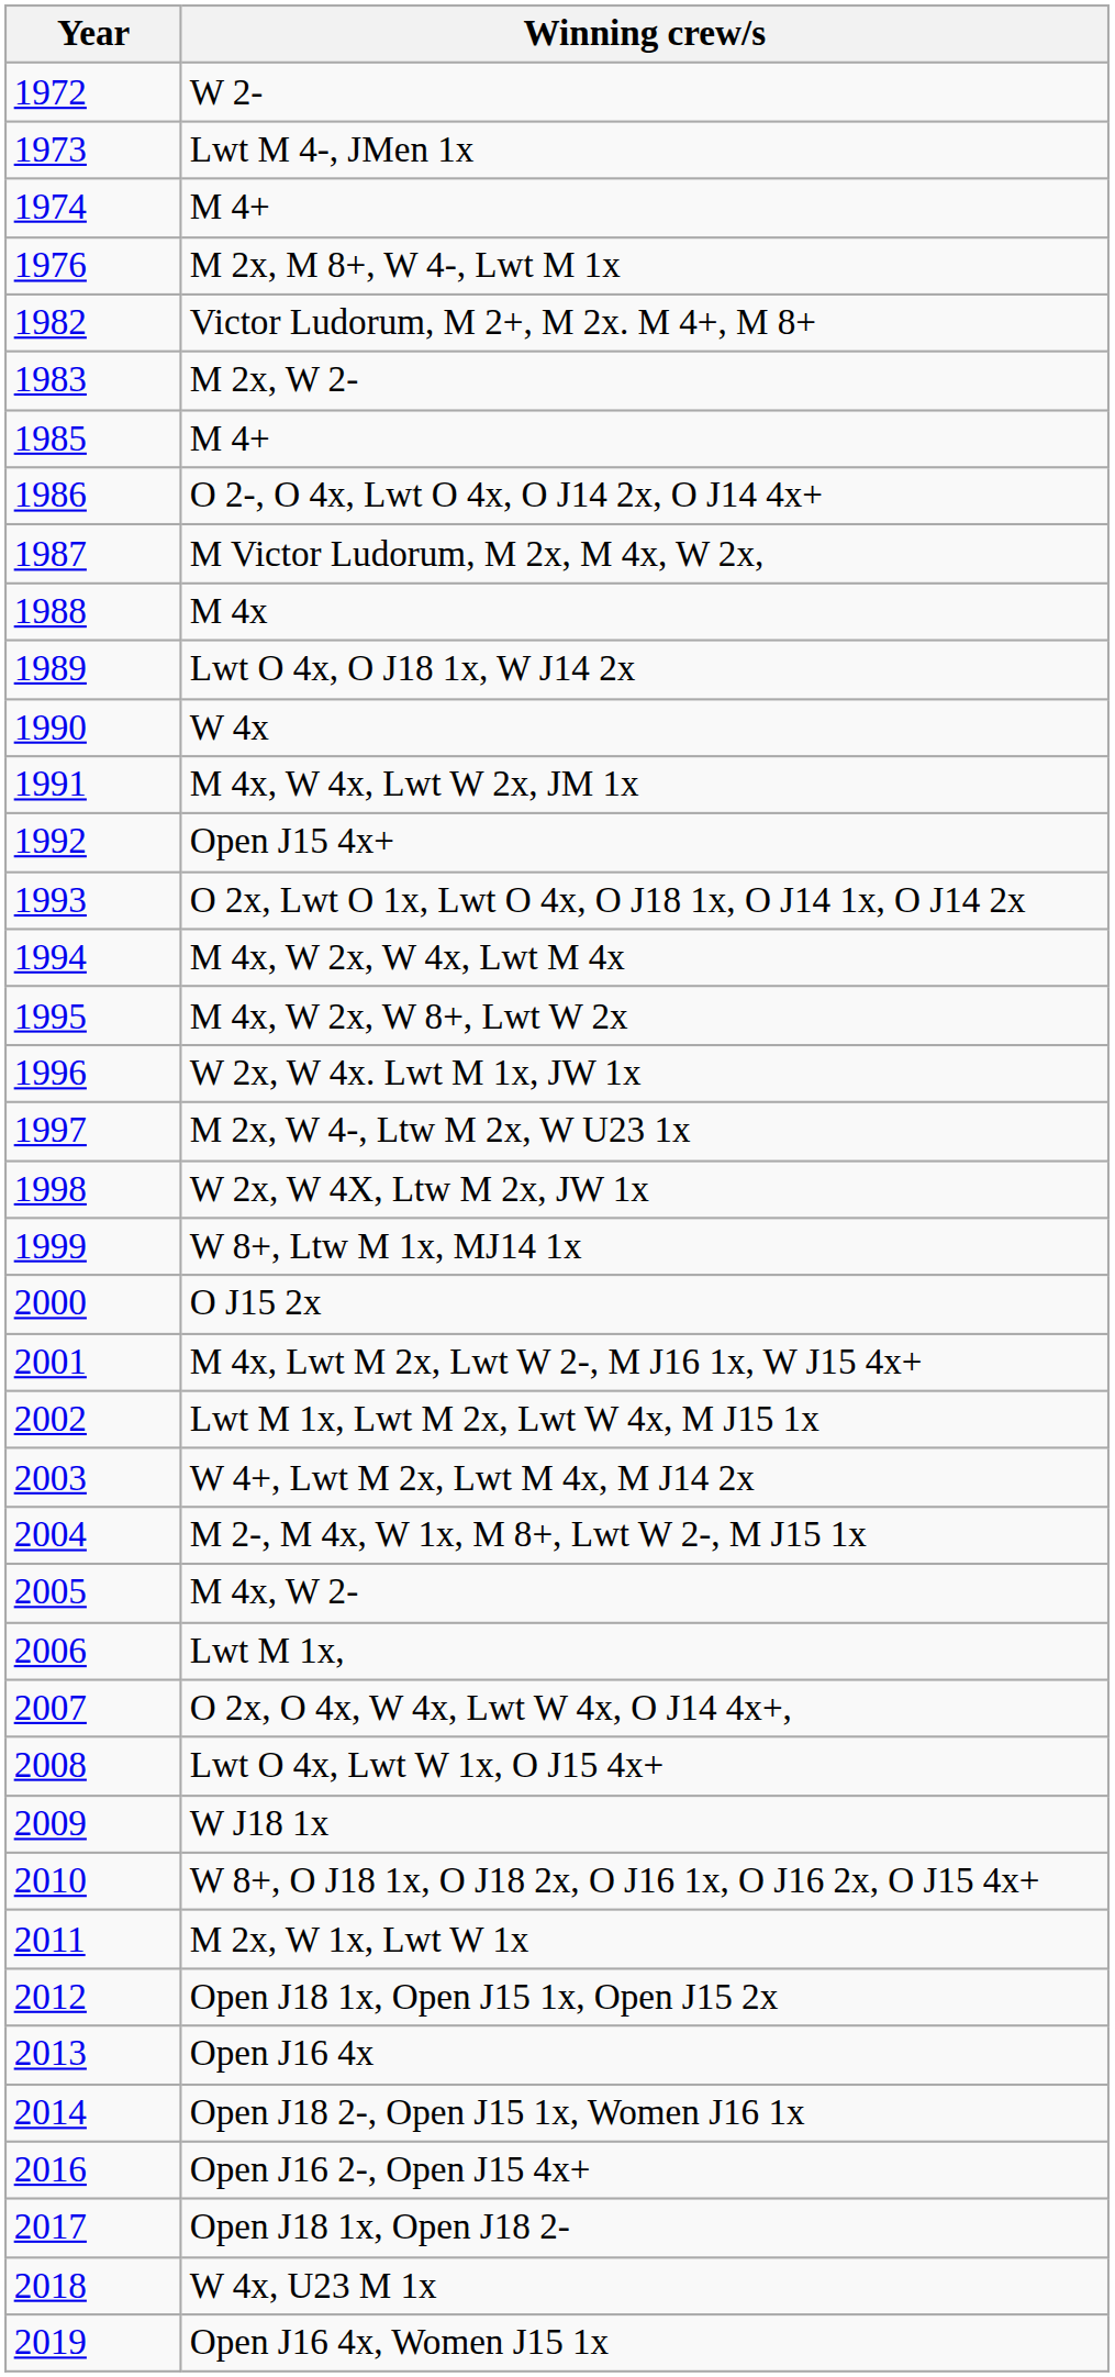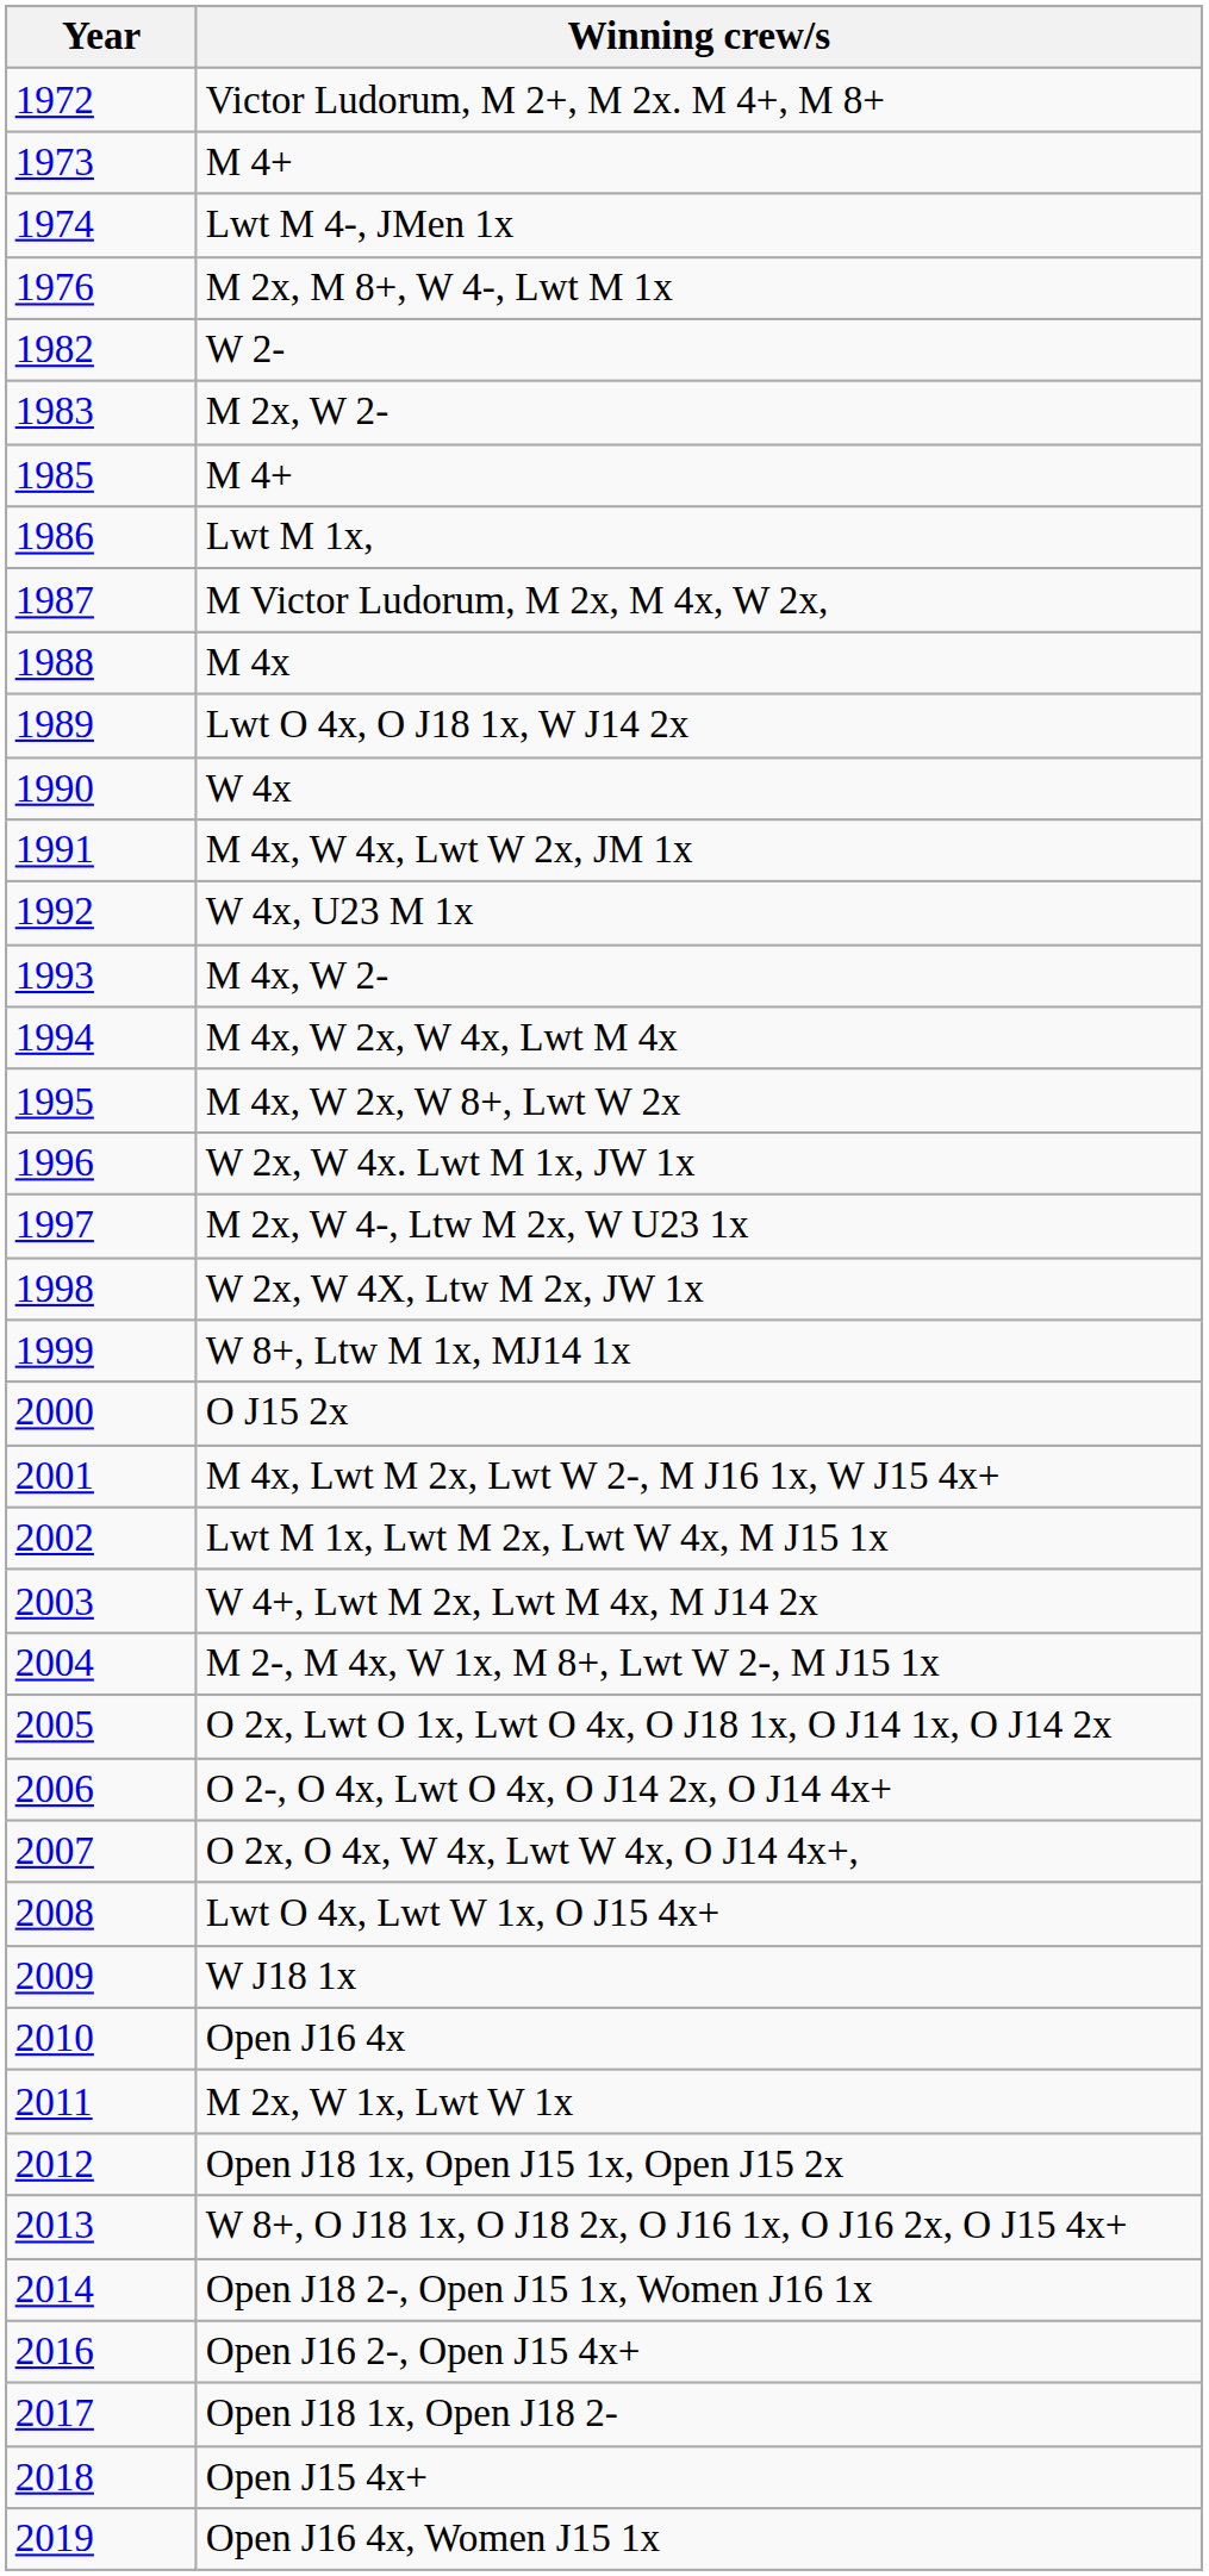 <table class="wikitable">
 <tr>
 <th width=70>Year</th>
 <th width=400>Winning crew/s</th>
 </tr>
 <tr>
 <td><a href='#'>1972</a></td>
-<td>W 2-</td>
+<td>Victor Ludorum, M 2+, M 2x. M 4+, M 8+</td>
 </tr>
 <tr>
 <td><a href='#'>1973</a></td>
-<td>Lwt M 4-, JMen 1x</td>
+<td>M 4+</td>
 </tr>
 <tr>
 <td><a href='#'>1974</a></td>
-<td>M 4+</td>
+<td>Lwt M 4-, JMen 1x</td>
 </tr>
 <tr>
 <td><a href='#'>1976</a></td>
 <td>M 2x, M 8+, W 4-, Lwt M 1x</td>
 </tr>
 <tr>
 <td><a href='#'>1982</a></td>
-<td>Victor Ludorum, M 2+, M 2x. M 4+, M 8+</td>
+<td>W 2-</td>
 </tr>
 <tr>
 <td><a href='#'>1983</a></td>
 <td>M 2x, W 2-</td>
 </tr>
 <tr>
 <td><a href='#'>1985</a></td>
 <td>M 4+</td>
 </tr>
 <tr>
 <td><a href='#'>1986</a></td>
-<td>O 2-, O 4x, Lwt O 4x, O J14 2x, O J14 4x+</td>
+<td>Lwt M 1x,</td>
 </tr>
 <tr>
 <td><a href='#'>1987</a></td>
 <td>M Victor Ludorum, M 2x, M 4x, W 2x,</td>
 </tr>
 <tr>
 <td><a href='#'>1988</a></td>
 <td>M 4x</td>
 </tr>
 <tr>
 <td><a href='#'>1989</a></td>
 <td>Lwt O 4x, O J18 1x, W J14 2x</td>
 </tr>
 <tr>
 <td><a href='#'>1990</a></td>
 <td>W 4x</td>
 </tr>
 <tr>
 <td><a href='#'>1991</a></td>
 <td>M 4x, W 4x, Lwt W 2x, JM 1x</td>
 </tr>
 <tr>
 <td><a href='#'>1992</a></td>
-<td>Open J15 4x+ </td>
+<td>W 4x, U23 M 1x</td>
 </tr>
 <tr>
 <td><a href='#'>1993</a></td>
-<td>O 2x, Lwt O 1x, Lwt O 4x, O J18 1x, O J14 1x, O J14 2x</td>
+<td>M 4x, W 2-</td>
 </tr>
 <tr>
 <td><a href='#'>1994</a></td>
 <td>M 4x, W 2x, W 4x, Lwt M 4x</td>
 </tr>
 <tr>
 <td><a href='#'>1995</a></td>
 <td>M 4x, W 2x, W 8+, Lwt W 2x</td>
 </tr>
 <tr>
 <td><a href='#'>1996</a></td>
 <td>W 2x, W 4x. Lwt M 1x, JW 1x</td>
 </tr>
 <tr>
 <td><a href='#'>1997</a></td>
 <td>M 2x, W 4-, Ltw M 2x, W U23 1x</td>
 </tr>
 <tr>
 <td><a href='#'>1998</a></td>
 <td>W 2x, W 4X, Ltw M 2x, JW 1x</td>
 </tr>
 <tr>
 <td><a href='#'>1999</a></td>
 <td>W 8+, Ltw M 1x, MJ14 1x</td>
 </tr>
 <tr>
 <td><a href='#'>2000</a></td>
 <td>O J15 2x</td>
 </tr>
 <tr>
 <td><a href='#'>2001</a></td>
 <td>M 4x, Lwt M 2x, Lwt W 2-, M J16 1x, W J15 4x+</td>
 </tr>
 <tr>
 <td><a href='#'>2002</a></td>
 <td>Lwt M 1x, Lwt M 2x, Lwt W 4x, M J15 1x</td>
 </tr>
 <tr>
 <td><a href='#'>2003</a></td>
 <td>W 4+, Lwt M 2x, Lwt M 4x, M J14 2x</td>
 </tr>
 <tr>
 <td><a href='#'>2004</a></td>
 <td>M 2-, M 4x, W 1x, M 8+, Lwt W 2-, M J15 1x</td>
 </tr>
 <tr>
 <td><a href='#'>2005</a></td>
-<td>M 4x, W 2-</td>
+<td>O 2x, Lwt O 1x, Lwt O 4x, O J18 1x, O J14 1x, O J14 2x</td>
 </tr>
 <tr>
 <td><a href='#'>2006</a></td>
-<td>Lwt M 1x,</td>
+<td>O 2-, O 4x, Lwt O 4x, O J14 2x, O J14 4x+</td>
 </tr>
 <tr>
 <td><a href='#'>2007</a></td>
 <td>O 2x, O 4x, W 4x, Lwt W 4x, O J14 4x+,</td>
 </tr>
 <tr>
 <td><a href='#'>2008</a></td>
 <td>Lwt O 4x, Lwt W 1x, O J15 4x+</td>
 </tr>
 <tr>
 <td><a href='#'>2009</a></td>
 <td>W J18 1x</td>
 </tr>
 <tr>
 <td><a href='#'>2010</a></td>
-<td>W 8+, O J18 1x, O J18 2x, O J16 1x, O J16 2x, O J15 4x+</td>
+<td>Open J16 4x </td>
 </tr>
 <tr>
 <td><a href='#'>2011</a></td>
 <td>M 2x, W 1x, Lwt W 1x</td>
 </tr>
 <tr>
 <td><a href='#'>2012</a></td>
 <td>Open J18 1x, Open J15 1x, Open J15 2x </td>
 </tr>
 <tr>
 <td><a href='#'>2013</a></td>
-<td>Open J16 4x </td>
+<td>W 8+, O J18 1x, O J18 2x, O J16 1x, O J16 2x, O J15 4x+</td>
 </tr>
 <tr>
 <td><a href='#'>2014</a></td>
 <td>Open J18 2-, Open J15 1x, Women J16 1x</td>
 </tr>
 <tr>
 <td><a href='#'>2016</a></td>
 <td>Open J16 2-, Open J15 4x+ </td>
 </tr>
 <tr>
 <td><a href='#'>2017</a></td>
 <td>Open J18 1x, Open J18 2- </td>
 </tr>
 <tr>
 <td><a href='#'>2018</a></td>
-<td>W 4x, U23 M 1x</td>
+<td>Open J15 4x+ </td>
 </tr>
 <tr>
 <td><a href='#'>2019</a></td>
 <td>Open J16 4x, Women J15 1x </td>
 </tr>
 </table>
